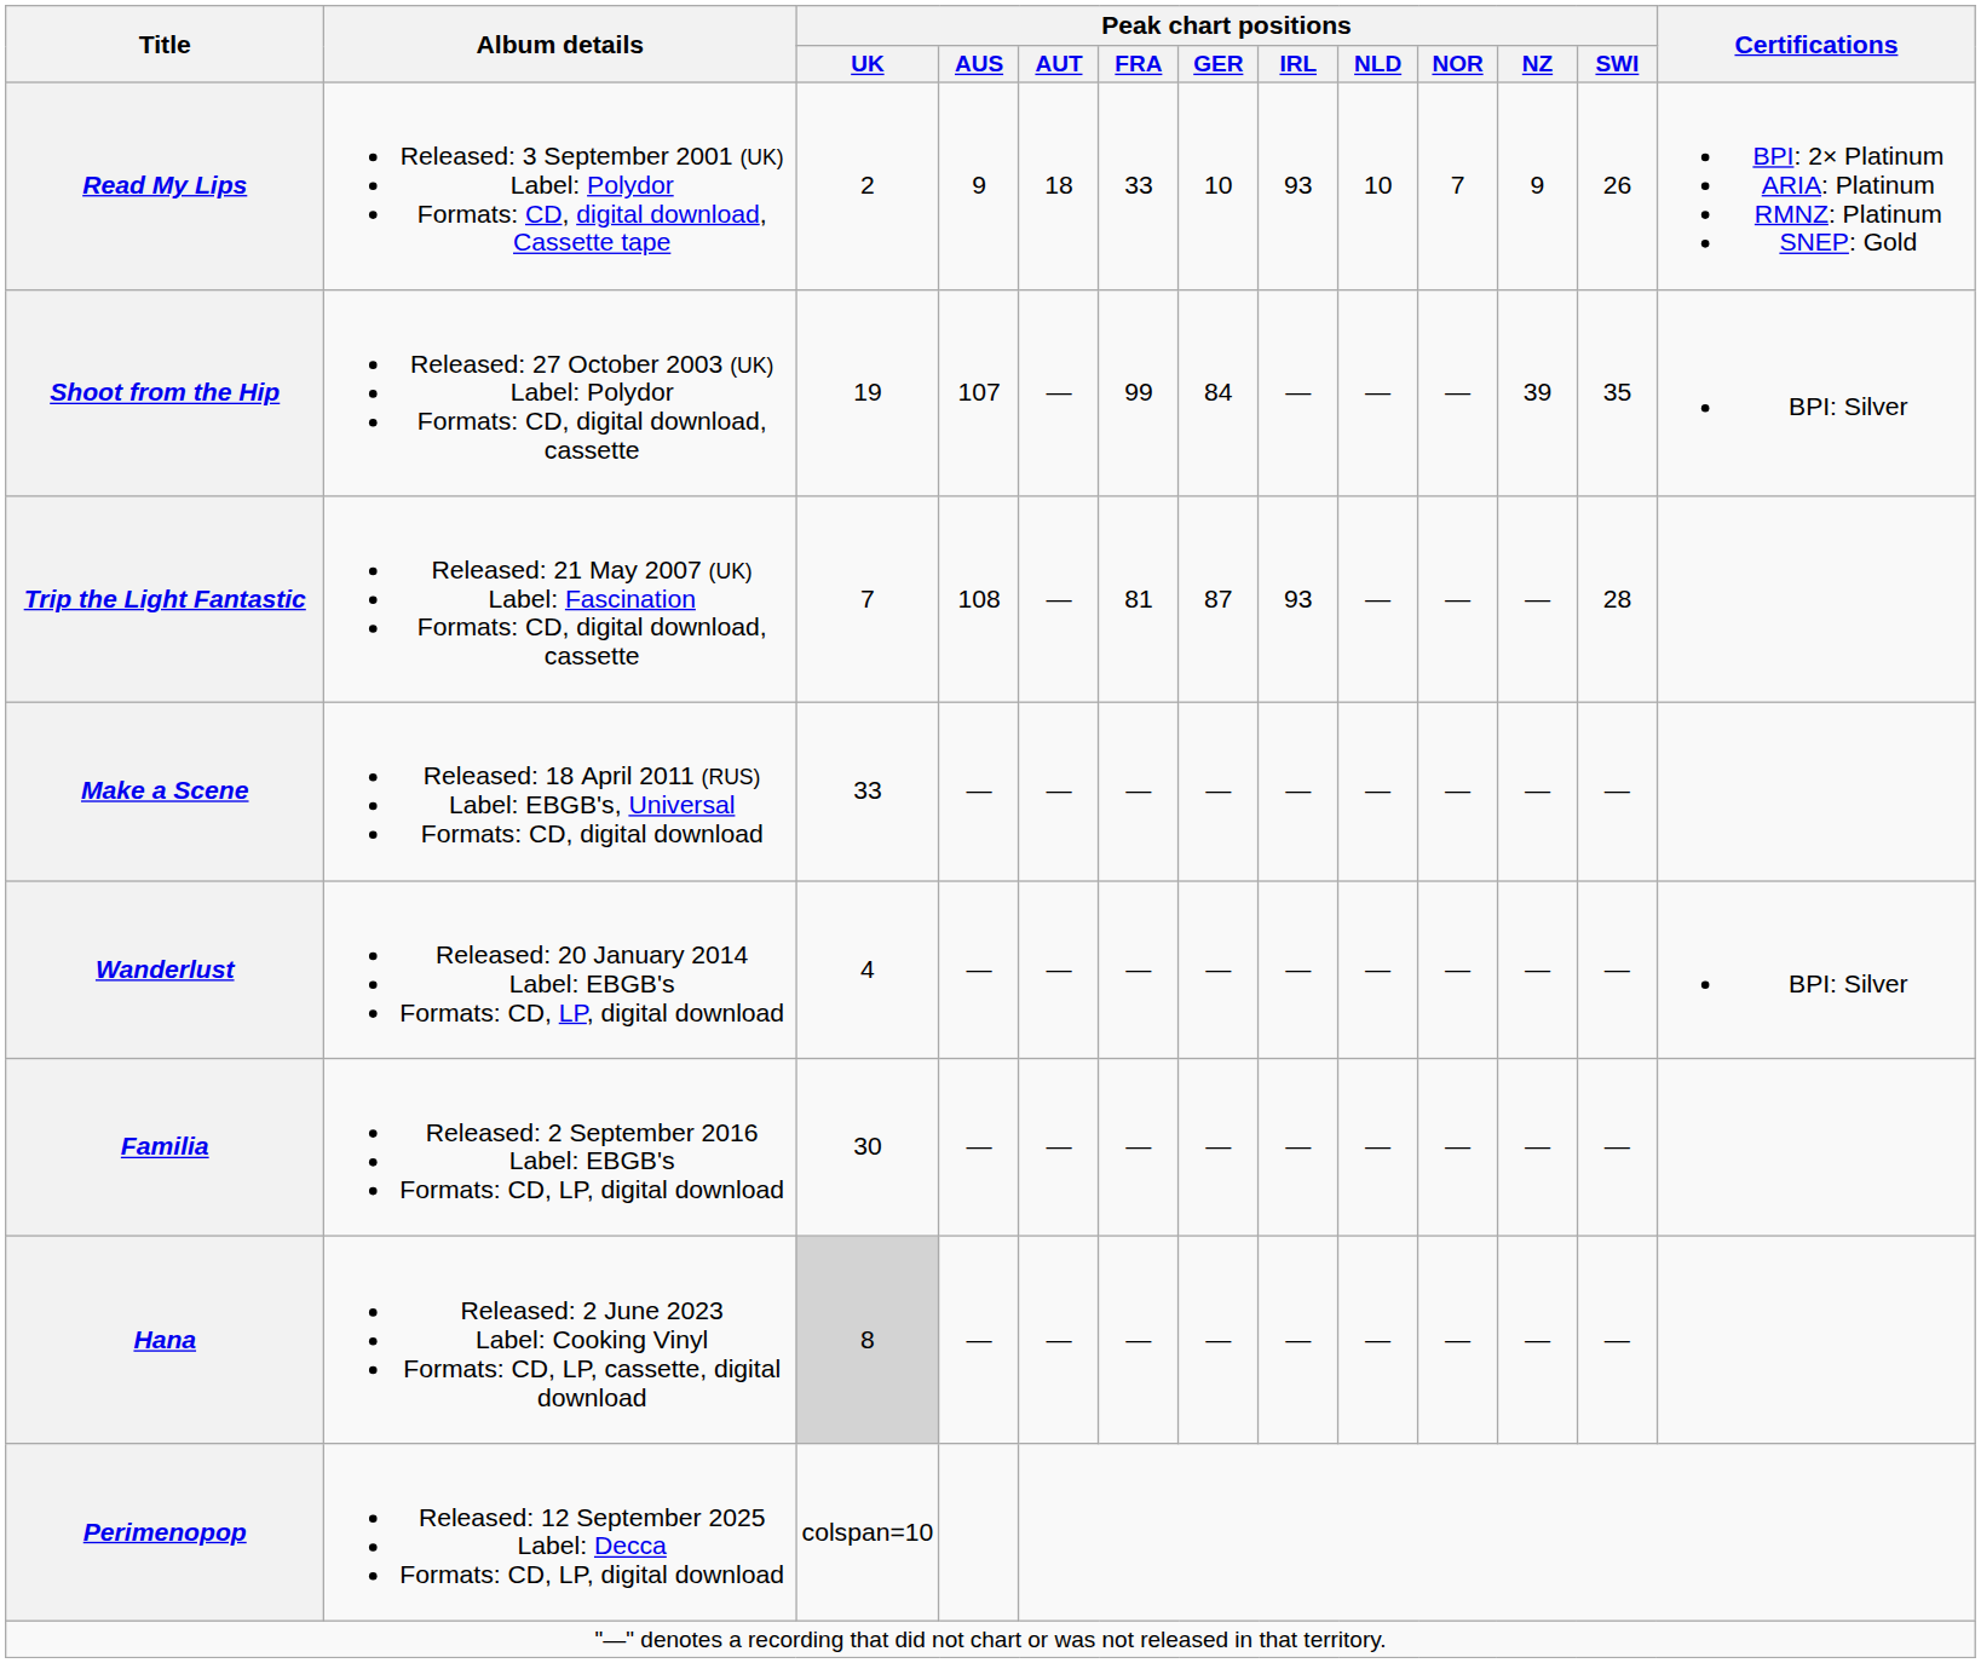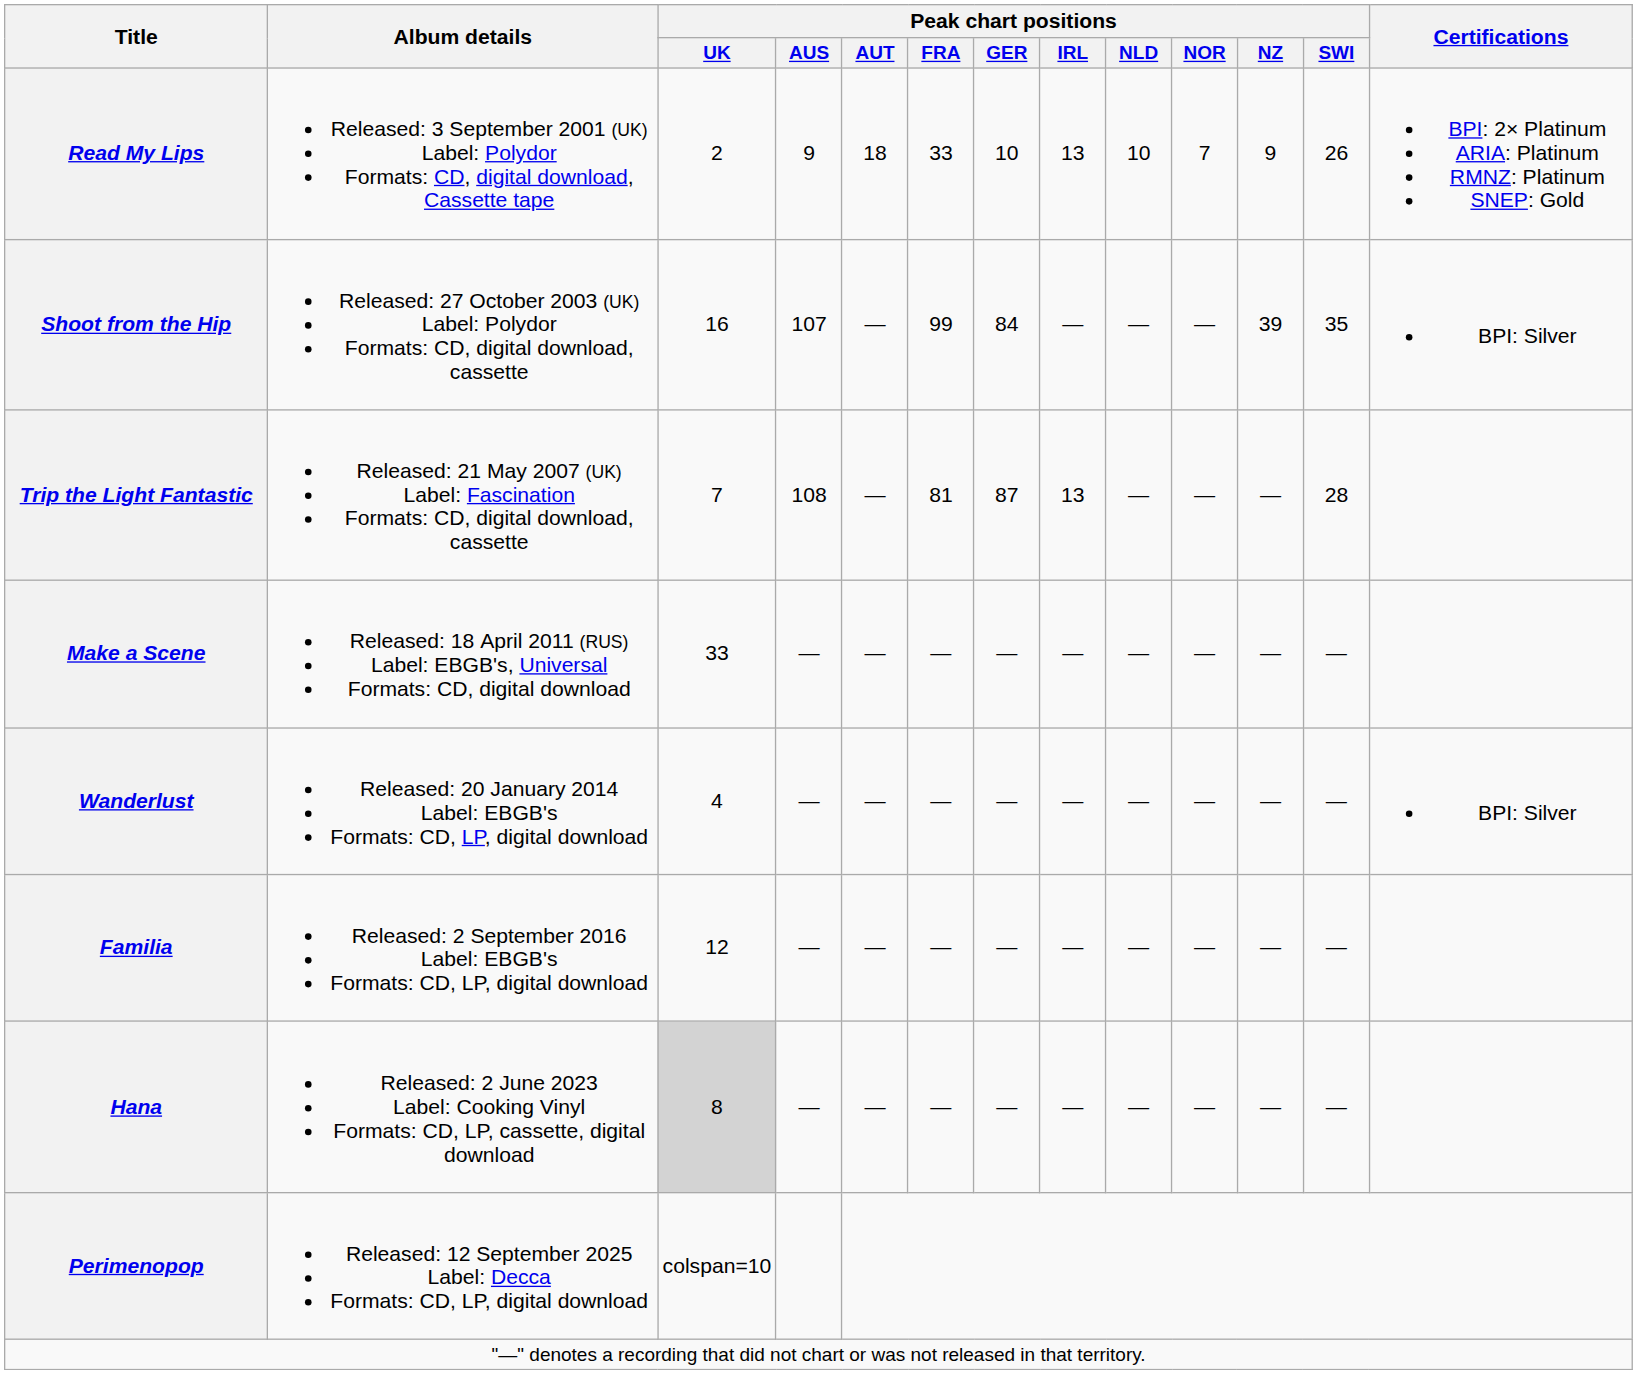 <table class="wikitable plainrowheaders" style="text-align:center;">
 <tr>
 <th scope="col" rowspan="2" style="width:12em;">Title</th>
 <th scope="col" rowspan="2" style="width:18em;">Album details</th>
 <th scope="col" colspan="10">Peak chart positions</th>
 <th scope="col" rowspan="2" style="width:12em;"><a href='#'>Certifications</a></th>
 </tr>
 <tr>
 <th scope="col" style="width:3em;font-size:90%;"><a href='#'>UK</a><br></th>
 <th scope="col" style="width:3em;font-size:90%;"><a href='#'>AUS</a><br></th>
 <th scope="col" style="width:3em;font-size:90%;"><a href='#'>AUT</a><br></th>
 <th scope="col" style="width:3em;font-size:90%;"><a href='#'>FRA</a><br></th>
 <th scope="col" style="width:3em;font-size:90%;"><a href='#'>GER</a><br></th>
 <th scope="col" style="width:3em;font-size:90%;"><a href='#'>IRL</a><br></th>
 <th scope="col" style="width:3em;font-size:90%;"><a href='#'>NLD</a><br></th>
 <th scope="col" style="width:3em;font-size:90%;"><a href='#'>NOR</a><br></th>
 <th scope="col" style="width:3em;font-size:90%;"><a href='#'>NZ</a><br></th>
 <th scope="col" style="width:3em;font-size:90%;"><a href='#'>SWI</a><br></th>
 </tr>
 <tr>
 <th scope="row"><em><a href='#'>Read My Lips</a></em></th>
 <td><br><ul><li>Released: 3 September 2001 <small>(UK)</small></li><li>Label: <a href='#'>Polydor</a></li><li>Formats: <a href='#'>CD</a>, <a href='#'>digital download</a>, <a href='#'>Cassette tape</a></li></ul></td>
 <td>2</td>
 <td>9</td>
 <td>18</td>
 <td>33</td>
 <td>10</td>
-<td>93</td>
+<td>13</td>
 <td>10</td>
 <td>7</td>
 <td>9</td>
 <td>26</td>
 <td><br><ul><li><a href='#'>BPI</a>: 2× Platinum</li><li><a href='#'>ARIA</a>: Platinum</li><li><a href='#'>RMNZ</a>: Platinum</li><li><a href='#'>SNEP</a>: Gold</li></ul></td>
 </tr>
 <tr>
 <th scope="row"><em><a href='#'>Shoot from the Hip</a></em></th>
 <td><br><ul><li>Released: 27 October 2003 <small>(UK)</small></li><li>Label: Polydor</li><li>Formats: CD, digital download, cassette</li></ul></td>
-<td>19</td>
+<td>16</td>
 <td>107</td>
 <td>—</td>
 <td>99</td>
 <td>84</td>
 <td>—</td>
 <td>—</td>
 <td>—</td>
 <td>39</td>
 <td>35</td>
 <td><br><ul><li>BPI: Silver</li></ul></td>
 </tr>
 <tr>
 <th scope="row"><em><a href='#'>Trip the Light Fantastic</a></em></th>
 <td><br><ul><li>Released: 21 May 2007 <small>(UK)</small></li><li>Label: <a href='#'>Fascination</a></li><li>Formats: CD, digital download, cassette</li></ul></td>
 <td>7</td>
 <td>108</td>
 <td>—</td>
 <td>81</td>
 <td>87</td>
-<td>93</td>
+<td>13</td>
 <td>—</td>
 <td>—</td>
 <td>—</td>
 <td>28</td>
 <td></td>
 </tr>
 <tr>
 <th scope="row"><em><a href='#'>Make a Scene</a></em></th>
 <td><br><ul><li>Released: 18 April 2011 <small>(RUS)</small></li><li>Label: EBGB's, <a href='#'>Universal</a></li><li>Formats: CD, digital download</li></ul></td>
 <td>33</td>
 <td>—</td>
 <td>—</td>
 <td>—</td>
 <td>—</td>
 <td>—</td>
 <td>—</td>
 <td>—</td>
 <td>—</td>
 <td>—</td>
 <td></td>
 </tr>
 <tr>
 <th scope="row"><em><a href='#'>Wanderlust</a></em></th>
 <td><br><ul><li>Released: 20 January 2014</li><li>Label: EBGB's</li><li>Formats: CD, <a href='#'>LP</a>, digital download</li></ul></td>
 <td>4</td>
 <td>—</td>
 <td>—</td>
 <td>—</td>
 <td>—</td>
 <td>—</td>
 <td>—</td>
 <td>—</td>
 <td>—</td>
 <td>—</td>
 <td><br><ul><li>BPI: Silver</li></ul></td>
 </tr>
 <tr>
 <th scope="row"><em><a href='#'>Familia</a></em></th>
 <td><br><ul><li>Released: 2 September 2016</li><li>Label: EBGB's</li><li>Formats: CD, LP, digital download</li></ul></td>
-<td>30</td>
+<td>12</td>
 <td>—</td>
 <td>—</td>
 <td>—</td>
 <td>—</td>
 <td>—</td>
 <td>—</td>
 <td>—</td>
 <td>—</td>
 <td>—</td>
 <td></td>
 </tr>
 <tr>
 <th scope="row"><em><a href='#'>Hana</a></em></th>
 <td><br><ul><li>Released: 2 June 2023</li><li>Label: Cooking Vinyl</li><li>Formats: CD, LP, cassette, digital download</li></ul></td>
 <td style="background: lightgrey;">8</td>
 <td>—</td>
 <td>—</td>
 <td>—</td>
 <td>—</td>
 <td>—</td>
 <td>—</td>
 <td>—</td>
 <td>—</td>
 <td>—</td>
 <td></td>
 </tr>
 <tr>
 <th scope="row"><em><a href='#'>Perimenopop</a></em></th>
 <td><br><ul><li>Released: 12 September 2025</li><li>Label: <a href='#'>Decca</a></li><li>Formats: CD, LP, digital download</li></ul></td>
 <td>colspan=10 </td>
 <td></td>
 </tr>
 <tr>
 <td colspan="14" style="font-size:90%">"—" denotes a recording that did not chart or was not released in that territory.</td>
 </tr>
 </table>
